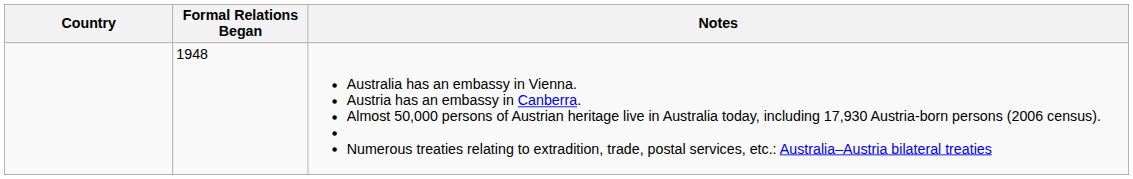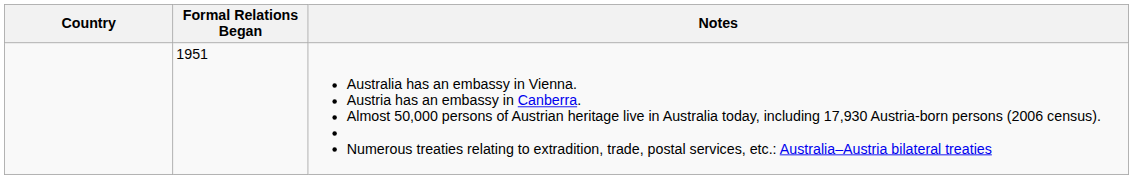 <table class="wikitable sortable" style="width:100%; margin:auto;">
 <tr>
 <th style="width:15%;">Country</th>
 <th style="width:12%;">Formal Relations Began</th>
 <th>Notes</th>
 </tr>
 <tr valign="top">
 <td></td>
-<td>1948</td>
+<td>1951</td>
 <td><br><ul><li>Australia has an embassy in Vienna.</li><li>Austria has an embassy in <a href='#'>Canberra</a>.</li><li>Almost 50,000 persons of Austrian heritage live in Australia today, including 17,930 Austria-born persons (2006 census).</li><li> </li><li>Numerous treaties relating to extradition, trade, postal services, etc.: <a href='#'>Australia–Austria bilateral treaties</a></li></ul></td>
 </tr>
 </table>
